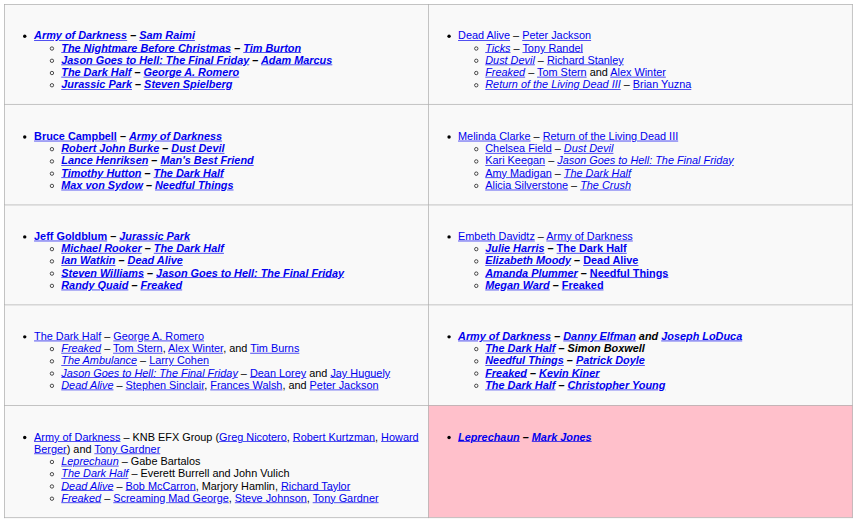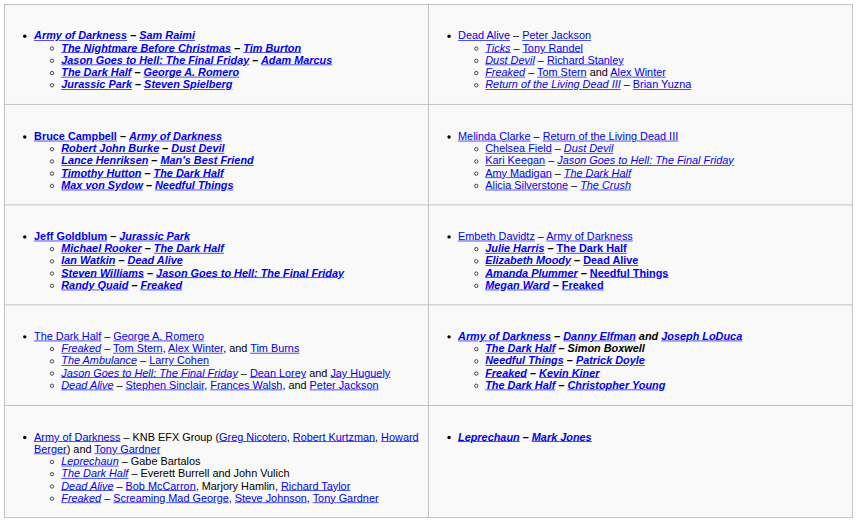 <table class="wikitable">
 <tr>
 <td valign="top" width="50%"><br><ul><li><strong><em><a href='#'>Army of Darkness</a><em> – <a href='#'>Sam Raimi</a> <strong><ul><li></em><a href='#'>The Nightmare Before Christmas</a><em> – <a href='#'>Tim Burton</a></li><li></em><a href='#'>Jason Goes to Hell: The Final Friday</a><em> – <a href='#'>Adam Marcus</a></li><li></em><a href='#'>The Dark Half</a><em> – <a href='#'>George A. Romero</a></li><li></em><a href='#'>Jurassic Park</a><em> – <a href='#'>Steven Spielberg</a></li></ul></li></ul></td>
 <td valign="top" width="50%"><br><ul><li></em></strong><a href='#'>Dead Alive</a></em> – <a href='#'>Peter Jackson</a></strong><ul><li><em><a href='#'>Ticks</a></em> – <a href='#'>Tony Randel</a></li><li><em><a href='#'>Dust Devil</a></em> – <a href='#'>Richard Stanley</a></li><li><em><a href='#'>Freaked</a></em> – <a href='#'>Tom Stern</a> and <a href='#'>Alex Winter</a></li><li><em><a href='#'>Return of the Living Dead III</a></em> – <a href='#'>Brian Yuzna</a></li></ul></li></ul></td>
 </tr>
 <tr>
 <td valign="top"><br><ul><li><strong><a href='#'>Bruce Campbell</a> – <em><a href='#'>Army of Darkness</a><strong><em><ul><li><a href='#'>Robert John Burke</a> – </em><a href='#'>Dust Devil</a><em></li><li><a href='#'>Lance Henriksen</a> – </em><a href='#'>Man's Best Friend</a><em></li><li><a href='#'>Timothy Hutton</a> – </em><a href='#'>The Dark Half</a><em></li><li><a href='#'>Max von Sydow</a> – </em><a href='#'>Needful Things</a><em></li></ul></li></ul></td>
 <td valign="top"><br><ul><li></strong><a href='#'>Melinda Clarke</a> – </em><a href='#'>Return of the Living Dead III</a></em></strong><ul><li><a href='#'>Chelsea Field</a> – <em><a href='#'>Dust Devil</a></em></li><li><a href='#'>Kari Keegan</a> – <em><a href='#'>Jason Goes to Hell: The Final Friday</a></em></li><li><a href='#'>Amy Madigan</a> – <em><a href='#'>The Dark Half</a></em></li><li><a href='#'>Alicia Silverstone</a> – <em><a href='#'>The Crush</a></em></li></ul></li></ul></td>
 </tr>
 <tr>
 <td valign="top"><br><ul><li><strong><a href='#'>Jeff Goldblum</a> – <em><a href='#'>Jurassic Park</a><strong><em><ul><li><a href='#'>Michael Rooker</a> – </em><a href='#'>The Dark Half</a><em></li><li><a href='#'>Ian Watkin</a> – </em><a href='#'>Dead Alive</a><em></li><li><a href='#'>Steven Williams</a> – </em><a href='#'>Jason Goes to Hell: The Final Friday</a><em></li><li><a href='#'>Randy Quaid</a> – </em><a href='#'>Freaked</a><em></li></ul></li></ul></td>
 <td valign="top"><br><ul><li></strong><a href='#'>Embeth Davidtz</a> – </em><a href='#'>Army of Darkness</a><em> <strong><ul><li><a href='#'>Julie Harris</a> – </em><a href='#'>The Dark Half</a><em></li><li><a href='#'>Elizabeth Moody</a> – </em><a href='#'>Dead Alive</a><em></li><li><a href='#'>Amanda Plummer</a> – </em><a href='#'>Needful Things</a><em></li><li><a href='#'>Megan Ward</a> – </em><a href='#'>Freaked</a><em></li></ul></li></ul></td>
 </tr>
 <tr>
 <td valign="top"><br><ul><li></em></strong><a href='#'>The Dark Half</a></em> – <a href='#'>George A. Romero</a></strong><ul><li><em><a href='#'>Freaked</a></em> – <a href='#'>Tom Stern</a>, <a href='#'>Alex Winter</a>, and <a href='#'>Tim Burns</a></li><li><em><a href='#'>The Ambulance</a></em> – <a href='#'>Larry Cohen</a></li><li><em><a href='#'>Jason Goes to Hell: The Final Friday</a></em> – <a href='#'>Dean Lorey</a> and <a href='#'>Jay Huguely</a></li><li><em><a href='#'>Dead Alive</a></em> – <a href='#'>Stephen Sinclair</a>, <a href='#'>Frances Walsh</a>, and <a href='#'>Peter Jackson</a></li></ul></li></ul></td>
 <td valign="top"><br><ul><li><strong><em><a href='#'>Army of Darkness</a><em> – <a href='#'>Danny Elfman</a> and <a href='#'>Joseph LoDuca</a><strong><ul><li></em><a href='#'>The Dark Half</a><em> – Simon Boxwell</li><li></em><a href='#'>Needful Things</a><em> – <a href='#'>Patrick Doyle</a></li><li></em><a href='#'>Freaked</a><em> – <a href='#'>Kevin Kiner</a></li><li></em><a href='#'>The Dark Half</a><em> – <a href='#'>Christopher Young</a></li></ul></li></ul></td>
 </tr>
 <tr>
 <td valign="top"><br><ul><li></em></strong><a href='#'>Army of Darkness</a></em> – KNB EFX Group (<a href='#'>Greg Nicotero</a>, <a href='#'>Robert Kurtzman</a>, <a href='#'>Howard Berger</a>) and <a href='#'>Tony Gardner</a></strong><ul><li><em><a href='#'>Leprechaun</a></em> – Gabe Bartalos</li><li><em><a href='#'>The Dark Half</a></em> – Everett Burrell and John Vulich</li><li><em><a href='#'>Dead Alive</a></em> – <a href='#'>Bob McCarron</a>, Marjory Hamlin, <a href='#'>Richard Taylor</a></li><li><em><a href='#'>Freaked</a></em> – <a href='#'>Screaming Mad George</a>, <a href='#'>Steve Johnson</a>, <a href='#'>Tony Gardner</a></li></ul></li></ul></td>
-<td valign="top" style="background: pink;"><br><ul><li><strong><em><a href='#'>Leprechaun</a><em> – <a href='#'>Mark Jones</a><strong></li></ul></td>
+<td valign="top"><br><ul><li><strong><em><a href='#'>Leprechaun</a><em> – <a href='#'>Mark Jones</a><strong></li></ul></td>
 </tr>
 </table>
